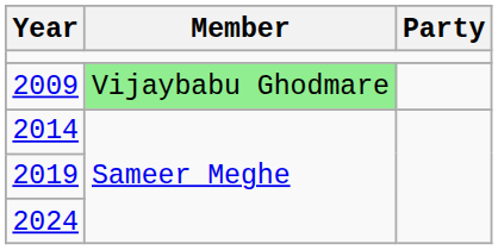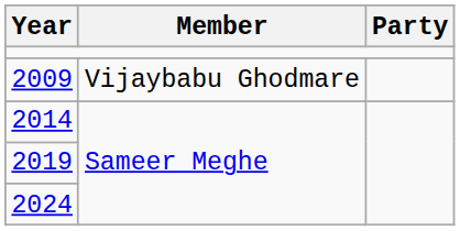 <table class="wikitable">
 <tr>
 <th>Year</th>
 <th>Member</th>
 <th colspan=2>Party</th>
 </tr>
 <tr>
 <td colspan="4"></td>
 </tr>
 <tr>
 <td><a href='#'>2009</a></td>
-<td style="background: lightgreen;">Vijaybabu Ghodmare</td>
+<td>Vijaybabu Ghodmare</td>
 <td></td>
 </tr>
 <tr>
 <td><a href='#'>2014</a></td>
 <td rowspan="3"><a href='#'>Sameer Meghe</a></td>
 </tr>
 <tr>
 <td><a href='#'>2019</a></td>
 </tr>
 <tr>
 <td><a href='#'>2024</a></td>
 </tr>
 </table>
